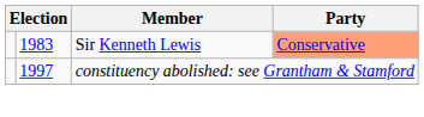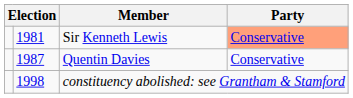 <table class="wikitable">
 <tr>
 <th colspan="2">Election</th>
 <th>Member</th>
 <th>Party</th>
 </tr>
 <tr>
 <td style="color:inherit;background-color: "></td>
-<td><a href='#'>1983</a></td>
+<td><a href='#'>1981</a></td>
 <td>Sir <a href='#'>Kenneth Lewis</a></td>
 <td style="background: lightsalmon;"><a href='#'>Conservative</a></td>
 </tr>
 <tr>
+<td style="color:inherit;background-color: "></td>
+<td><a href='#'>1987</a></td>
+<td><a href='#'>Quentin Davies</a></td>
+<td><a href='#'>Conservative</a></td>
+</tr>
+<tr>
 <td></td>
-<td><a href='#'>1997</a></td>
+<td><a href='#'>1998</a></td>
 <td colspan="2"><em>constituency abolished: see <a href='#'>Grantham & Stamford</a></em></td>
 </tr>
 </table>
